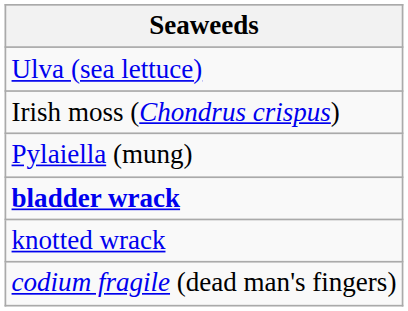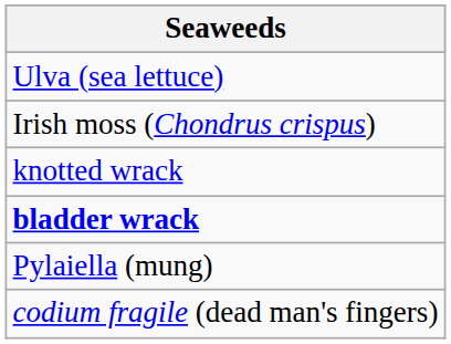 <table class="wikitable" style="margin:1em auto;">
 <tr>
 <th>Seaweeds</th>
 </tr>
 <tr>
 <td><a href='#'>Ulva (sea lettuce)</a></td>
 </tr>
 <tr>
 <td>Irish moss (<em><a href='#'>Chondrus crispus</a></em>)</td>
 </tr>
 <tr>
-<td><a href='#'>Pylaiella</a> (mung)</td>
+<td><a href='#'>knotted wrack</a></td>
 </tr>
 <tr>
 <td><strong><a href='#'>bladder wrack</a></strong></td>
 </tr>
 <tr>
-<td><a href='#'>knotted wrack</a></td>
+<td><a href='#'>Pylaiella</a> (mung)</td>
 </tr>
 <tr>
 <td><em><a href='#'>codium fragile</a></em> (dead man's fingers)</td>
 </tr>
 </table>
